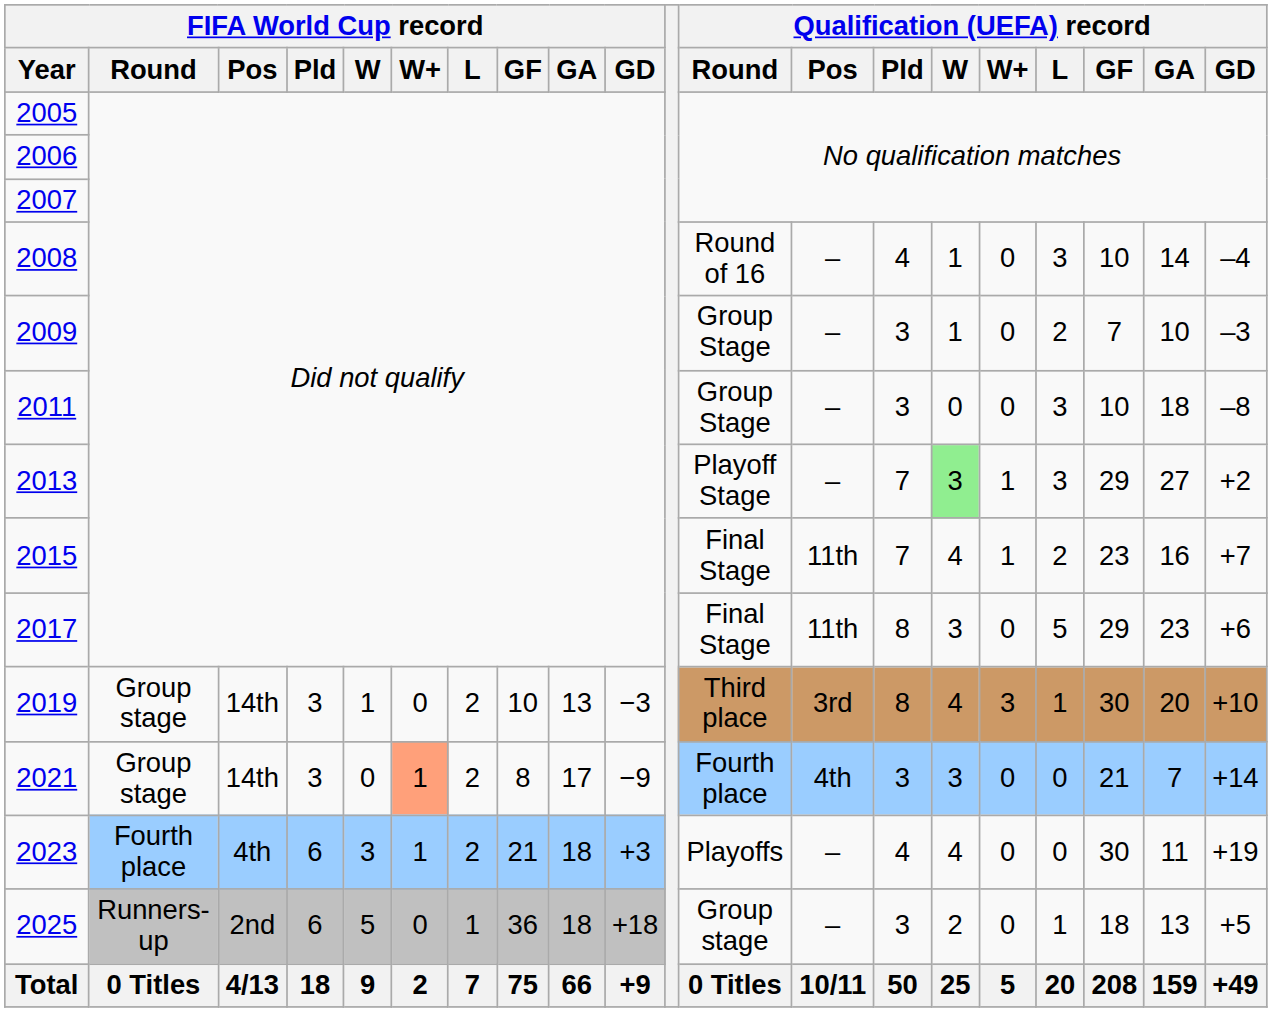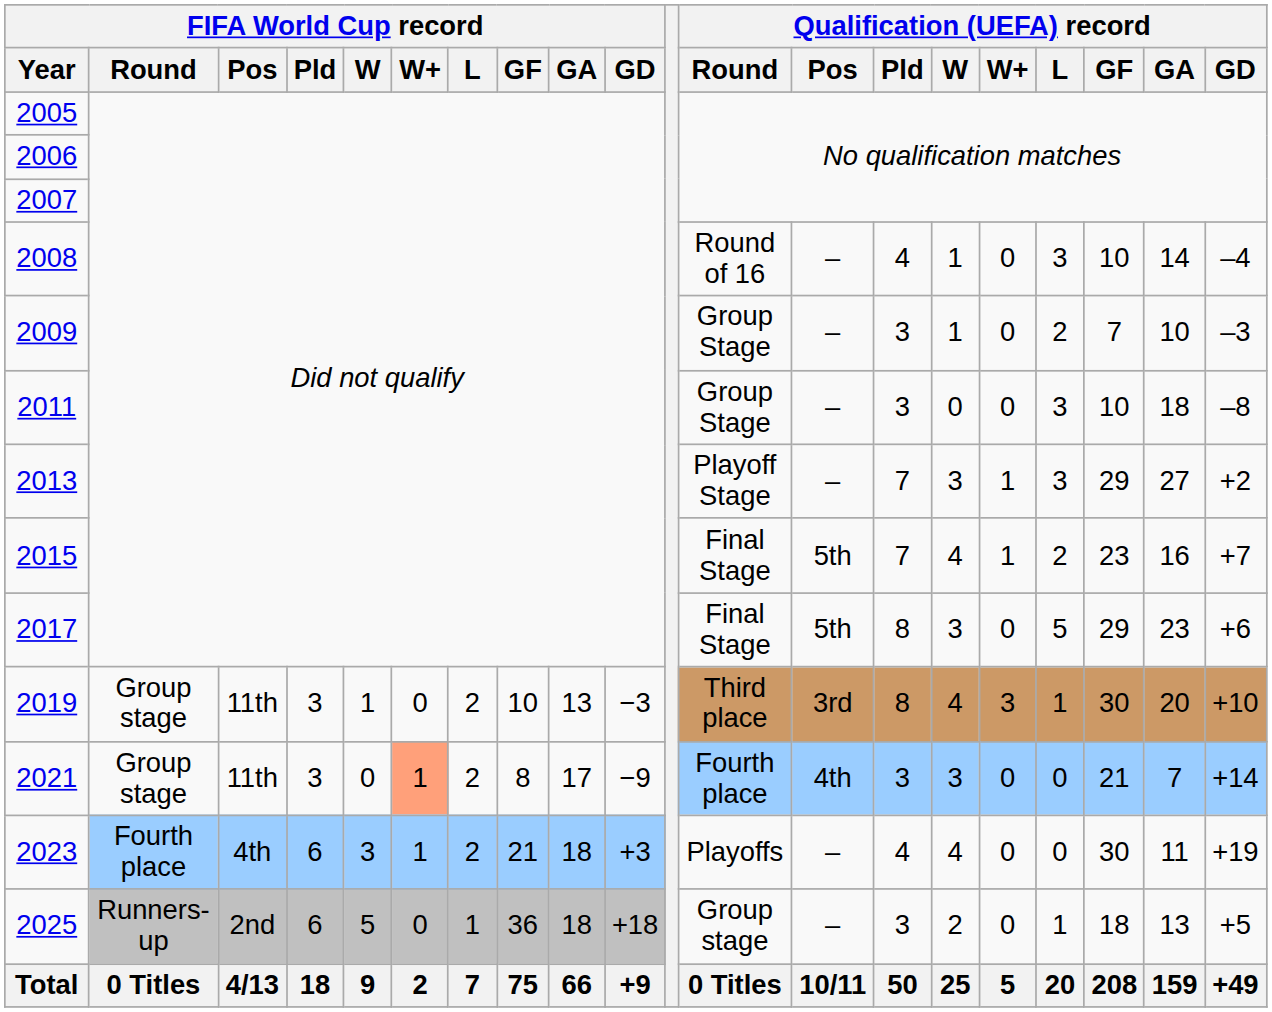 <table class="wikitable" style="text-align: center;">
 <tr>
 <th colspan=10><a href='#'>FIFA World Cup</a> record</th>
 <th width=1% rowspan="16"></th>
 <th colspan=10><a href='#'>Qualification (UEFA)</a> record</th>
 </tr>
 <tr>
 <th width=40>Year</th>
 <th width=50>Round</th>
 <th width=20>Pos</th>
 <th width=20>Pld</th>
 <th width=20>W</th>
 <th width=20>W+</th>
 <th width=20>L</th>
 <th width=20>GF</th>
 <th width=20>GA</th>
 <th width=20>GD</th>
 <th width=50>Round</th>
 <th width=20>Pos</th>
 <th width=20>Pld</th>
 <th width=20>W</th>
 <th width=20>W+</th>
 <th width=20>L</th>
 <th width=20>GF</th>
 <th width=20>GA</th>
 <th width=20>GD</th>
 </tr>
 <tr>
 <td> <a href='#'>2005</a></td>
 <td rowspan=9 colspan=9><em>Did not qualify</em></td>
 <td rowspan=3 colspan=9><em>No qualification matches</em></td>
 </tr>
 <tr>
 <td> <a href='#'>2006</a></td>
 </tr>
 <tr>
 <td> <a href='#'>2007</a></td>
 </tr>
 <tr>
 <td> <a href='#'>2008</a></td>
 <td>Round of 16</td>
 <td>–</td>
 <td>4</td>
 <td>1</td>
 <td>0</td>
 <td>3</td>
 <td>10</td>
 <td>14</td>
 <td>–4</td>
 </tr>
 <tr>
 <td> <a href='#'>2009</a></td>
 <td>Group Stage</td>
 <td>–</td>
 <td>3</td>
 <td>1</td>
 <td>0</td>
 <td>2</td>
 <td>7</td>
 <td>10</td>
 <td>–3</td>
 </tr>
 <tr>
 <td> <a href='#'>2011</a></td>
 <td>Group Stage</td>
 <td>–</td>
 <td>3</td>
 <td>0</td>
 <td>0</td>
 <td>3</td>
 <td>10</td>
 <td>18</td>
 <td>–8</td>
 </tr>
 <tr>
 <td> <a href='#'>2013</a></td>
 <td>Playoff Stage</td>
 <td>–</td>
 <td>7</td>
-<td style="background: lightgreen;">3</td>
+<td>3</td>
 <td>1</td>
 <td>3</td>
 <td>29</td>
 <td>27</td>
 <td>+2</td>
 </tr>
 <tr>
 <td> <a href='#'>2015</a></td>
 <td>Final Stage</td>
-<td>11th</td>
+<td>5th</td>
 <td>7</td>
 <td>4</td>
 <td>1</td>
 <td>2</td>
 <td>23</td>
 <td>16</td>
 <td>+7</td>
 </tr>
 <tr>
 <td> <a href='#'>2017</a></td>
 <td>Final Stage</td>
-<td>11th</td>
+<td>5th</td>
 <td>8</td>
 <td>3</td>
 <td>0</td>
 <td>5</td>
 <td>29</td>
 <td>23</td>
 <td>+6</td>
 </tr>
 <tr>
 <td> <a href='#'>2019</a></td>
 <td>Group stage</td>
-<td>14th</td>
+<td>11th</td>
 <td>3</td>
 <td>1</td>
 <td>0</td>
 <td>2</td>
 <td>10</td>
 <td>13</td>
 <td>−3</td>
 <td style="background:#c96;">Third place</td>
 <td style="background:#c96;">3rd</td>
 <td style="background:#c96;">8</td>
 <td style="background:#c96;">4</td>
 <td style="background:#c96;">3</td>
 <td style="background:#c96;">1</td>
 <td style="background:#c96;">30</td>
 <td style="background:#c96;">20</td>
 <td style="background:#c96;">+10</td>
 </tr>
 <tr>
 <td> <a href='#'>2021</a></td>
 <td>Group stage</td>
-<td>14th</td>
+<td>11th</td>
 <td>3</td>
 <td>0</td>
 <td style="background: lightsalmon;">1</td>
 <td>2</td>
 <td>8</td>
 <td>17</td>
 <td>−9</td>
 <td style="background:#9acdff;">Fourth place</td>
 <td style="background:#9acdff;">4th</td>
 <td style="background:#9acdff;">3</td>
 <td style="background:#9acdff;">3</td>
 <td style="background:#9acdff;">0</td>
 <td style="background:#9acdff;">0</td>
 <td style="background:#9acdff;">21</td>
 <td style="background:#9acdff;">7</td>
 <td style="background:#9acdff;">+14</td>
 </tr>
 <tr>
 <td> <a href='#'>2023</a></td>
 <td style="background:#9acdff;">Fourth place</td>
 <td style="background:#9acdff;">4th</td>
 <td style="background:#9acdff;">6</td>
 <td style="background:#9acdff;">3</td>
 <td style="background:#9acdff;">1</td>
 <td style="background:#9acdff;">2</td>
 <td style="background:#9acdff;">21</td>
 <td style="background:#9acdff;">18</td>
 <td style="background:#9acdff;">+3</td>
 <td>Playoffs</td>
 <td>–</td>
 <td>4</td>
 <td>4</td>
 <td>0</td>
 <td>0</td>
 <td>30</td>
 <td>11</td>
 <td>+19</td>
 </tr>
 <tr>
 <td> <a href='#'>2025</a></td>
 <td style="background:silver;">Runners-up</td>
 <td style="background:silver;">2nd</td>
 <td style="background:silver;">6</td>
 <td style="background:silver;">5</td>
 <td style="background:silver;">0</td>
 <td style="background:silver;">1</td>
 <td style="background:silver;">36</td>
 <td style="background:silver;">18</td>
 <td style="background:silver;">+18</td>
 <td>Group stage</td>
 <td>–</td>
 <td>3</td>
 <td>2</td>
 <td>0</td>
 <td>1</td>
 <td>18</td>
 <td>13</td>
 <td>+5</td>
 </tr>
 <tr>
 <th>Total</th>
 <th>0 Titles</th>
 <th>4/13</th>
 <th>18</th>
 <th>9</th>
 <th>2</th>
 <th>7</th>
 <th>75</th>
 <th>66</th>
 <th>+9</th>
 <th>0 Titles</th>
 <th>10/11</th>
 <th>50</th>
 <th>25</th>
 <th>5</th>
 <th>20</th>
 <th>208</th>
 <th>159</th>
 <th>+49</th>
 </tr>
 </table>
